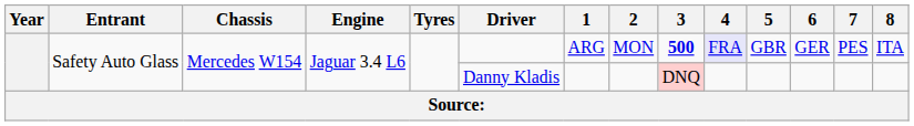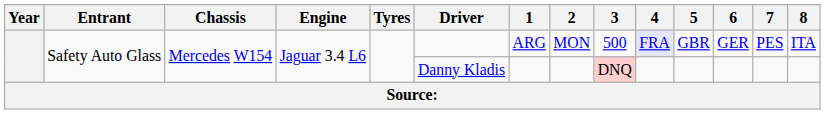 <table class="wikitable" style="text-align:center; font-size:85%">
 <tr>
 <th>Year</th>
 <th>Entrant</th>
 <th>Chassis</th>
 <th>Engine</th>
 <th>Tyres</th>
 <th>Driver</th>
 <th>1</th>
 <th>2</th>
 <th>3</th>
 <th>4</th>
 <th>5</th>
 <th>6</th>
 <th>7</th>
 <th>8</th>
 </tr>
 <tr>
 <th rowspan=2></th>
 <td rowspan=2>Safety Auto Glass</td>
 <td rowspan=2><a href='#'>Mercedes</a> <a href='#'>W154</a></td>
 <td rowspan=2><a href='#'>Jaguar</a> 3.4 <a href='#'>L6</a></td>
 <td rowspan=2></td>
 <td></td>
 <td><a href='#'>ARG</a></td>
 <td><a href='#'>MON</a></td>
-<td><strong><a href='#'>500</a></strong></td>
+<td><a href='#'>500</a></td>
 <td style="background: lavender;"><a href='#'>FRA</a></td>
 <td><a href='#'>GBR</a></td>
 <td><a href='#'>GER</a></td>
 <td><a href='#'>PES</a></td>
 <td><a href='#'>ITA</a></td>
 </tr>
 <tr>
 <td align="left"> <a href='#'>Danny Kladis</a></td>
 <td></td>
 <td></td>
 <td style="background:#ffcfcf;">DNQ</td>
 <td></td>
 <td></td>
 <td></td>
 <td></td>
 <td></td>
 </tr>
 <tr>
 <th colspan="14">Source:</th>
 </tr>
 </table>
